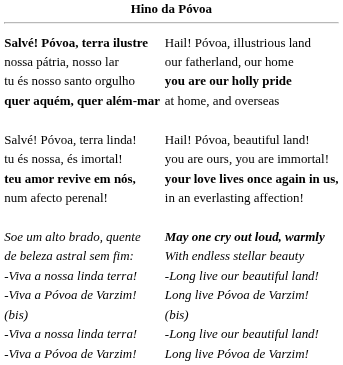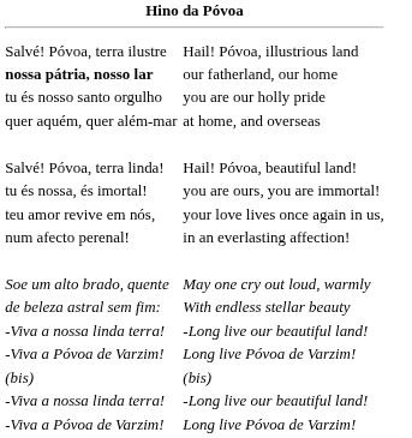 <table cellpadding=2 style="background:transparent;">
 <tr>
 <td align="center" colspan="2"><strong>Hino da Póvoa</strong><br><hr></td>
 </tr>
 <tr>
-<td><strong>Salvé! Póvoa, terra ilustre</strong></td>
+<td>Salvé! Póvoa, terra ilustre</td>
 <td>Hail! Póvoa, illustrious land</td>
 </tr>
 <tr>
-<td>nossa pátria, nosso lar</td>
+<td><strong>nossa pátria, nosso lar</strong></td>
 <td>our fatherland, our home</td>
 </tr>
 <tr>
 <td>tu és nosso santo orgulho</td>
-<td><strong>you are our holly pride</strong></td>
+<td>you are our holly pride</td>
 </tr>
 <tr>
-<td><strong>quer aquém, quer além-mar</strong></td>
+<td>quer aquém, quer além-mar</td>
 <td>at home, and overseas</td>
 </tr>
 <tr>
 <td></td>
 <td> </td>
 <td></td>
 </tr>
 <tr>
 <td>Salvé! Póvoa, terra linda!</td>
 <td>Hail! Póvoa, beautiful land!</td>
 </tr>
 <tr>
 <td>tu és nossa, és imortal!</td>
 <td>you are ours, you are immortal!</td>
 </tr>
 <tr>
-<td><strong>teu amor revive em nós,</strong></td>
-<td><strong>your love lives once again in us,</strong></td>
+<td>teu amor revive em nós,</td>
+<td>your love lives once again in us,</td>
 </tr>
 <tr>
 <td>num afecto perenal!</td>
 <td>in an everlasting affection!</td>
 </tr>
 <tr>
 <td> </td>
 <td></td>
 </tr>
 <tr>
 <td><em>Soe um alto brado, quente</em></td>
-<td><strong><em>May one cry out loud, warmly</em></strong></td>
+<td><em>May one cry out loud, warmly</em></td>
 </tr>
 <tr>
 <td><em>de beleza astral sem fim:</em></td>
 <td><em>With endless stellar beauty</em></td>
 </tr>
 <tr>
 <td><em>-Viva a nossa linda terra!</em></td>
 <td><em>-Long live our beautiful land!</em></td>
 </tr>
 <tr>
 <td><em>-Viva a Póvoa de Varzim!</em></td>
 <td><em>Long live Póvoa de Varzim!</em></td>
 </tr>
 <tr>
 <td><em>(bis)</em></td>
 <td><em>(bis)</em></td>
 </tr>
 <tr>
 <td><em>-Viva a nossa linda terra!</em></td>
 <td><em>-Long live our beautiful land!</em></td>
 </tr>
 <tr>
 <td><em>-Viva a Póvoa de Varzim!</em></td>
 <td><em>Long live Póvoa de Varzim!</em></td>
 <td></td>
 </tr>
 </table>
